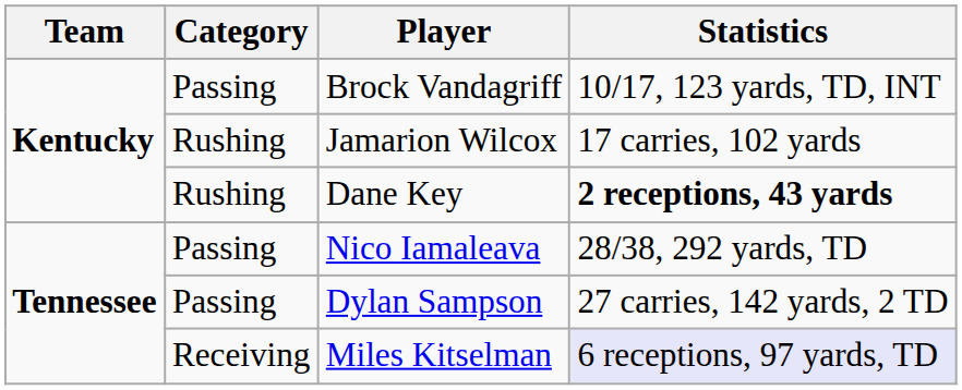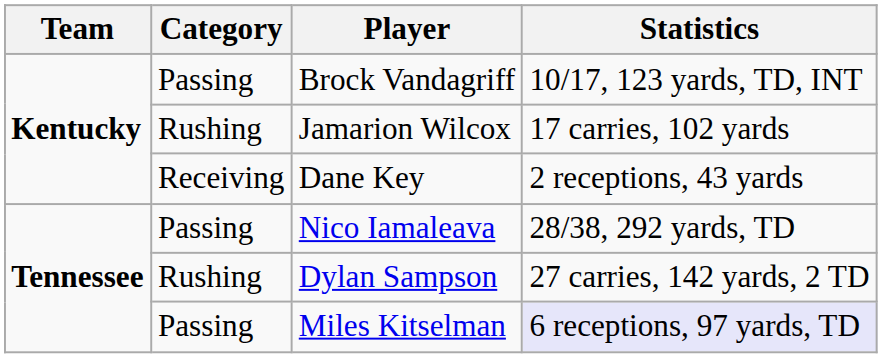 <table class="wikitable" style="float: right;">
 <tr>
 <th>Team</th>
 <th>Category</th>
 <th>Player</th>
 <th>Statistics</th>
 </tr>
 <tr>
 <td rowspan=3><strong>Kentucky</strong></td>
 <td>Passing</td>
 <td>Brock Vandagriff</td>
 <td>10/17, 123 yards, TD, INT</td>
 </tr>
 <tr>
 <td>Rushing</td>
 <td>Jamarion Wilcox</td>
 <td>17 carries, 102 yards</td>
 </tr>
 <tr>
-<td>Rushing</td>
+<td>Receiving</td>
 <td>Dane Key</td>
-<td><strong>2 receptions, 43 yards</strong></td>
+<td>2 receptions, 43 yards</td>
 </tr>
 <tr>
 <td rowspan=3><strong>Tennessee</strong></td>
 <td>Passing</td>
 <td><a href='#'>Nico Iamaleava</a></td>
 <td>28/38, 292 yards, TD</td>
 </tr>
 <tr>
-<td>Passing</td>
+<td>Rushing</td>
 <td><a href='#'>Dylan Sampson</a></td>
 <td>27 carries, 142 yards, 2 TD</td>
 </tr>
 <tr>
-<td>Receiving</td>
+<td>Passing</td>
 <td><a href='#'>Miles Kitselman</a></td>
 <td style="background: lavender;">6 receptions, 97 yards, TD</td>
 </tr>
 </table>
